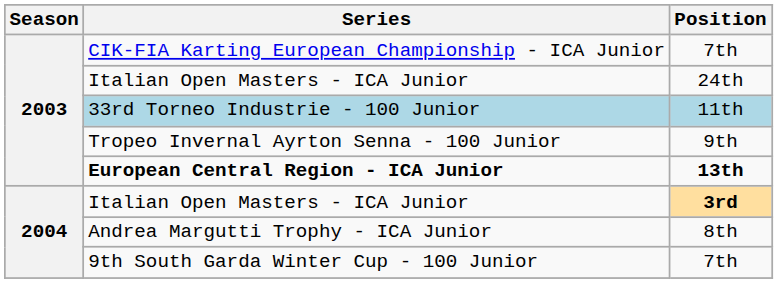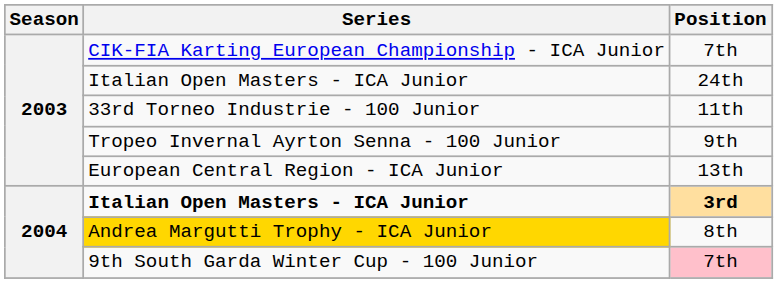 <table class="wikitable" style="font-size: 85%; text-align:center">
 <tr>
 <th>Season</th>
 <th>Series</th>
 <th>Position</th>
 </tr>
 <tr>
 <th rowspan=5>2003</th>
 <td align="left"><a href='#'>CIK-FIA Karting European Championship</a> - ICA Junior</td>
 <td align="center">7th</td>
 </tr>
 <tr>
 <td align="left">Italian Open Masters - ICA Junior</td>
 <td align="center">24th</td>
 </tr>
 <tr>
-<td align="left" style="background: lightblue;">33rd Torneo Industrie - 100 Junior</td>
-<td align="center" style="background: lightblue;">11th</td>
+<td align="left">33rd Torneo Industrie - 100 Junior</td>
+<td align="center">11th</td>
 </tr>
 <tr>
 <td align="left">Tropeo Invernal Ayrton Senna - 100 Junior</td>
 <td align="center">9th</td>
 </tr>
 <tr>
-<td align="left"><strong>European Central Region - ICA Junior</strong></td>
-<td align="center"><strong>13th</strong></td>
+<td align="left">European Central Region - ICA Junior</td>
+<td align="center">13th</td>
 </tr>
 <tr>
 <th rowspan=3>2004</th>
-<td align="left">Italian Open Masters - ICA Junior</td>
+<td align="left"><strong>Italian Open Masters - ICA Junior</strong></td>
 <td align="center" style=background:#ffdf9f><strong>3rd</strong></td>
 </tr>
 <tr>
-<td align="left">Andrea Margutti Trophy - ICA Junior</td>
+<td align="left" style="background: gold;">Andrea Margutti Trophy - ICA Junior</td>
 <td align="center">8th</td>
 </tr>
 <tr>
 <td align="left">9th South Garda Winter Cup - 100 Junior</td>
-<td align="center">7th</td>
+<td align="center" style="background: pink;">7th</td>
 </tr>
 </table>
